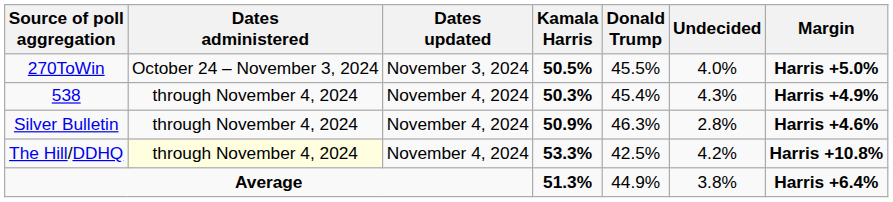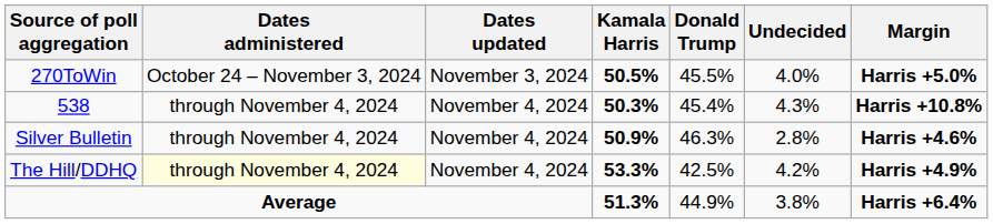 <table class="wikitable sortable" style="text-align:center;font-size:90%;line-height:17px">
 <tr>
 <th>Source of poll<br>aggregation</th>
 <th>Dates<br>administered</th>
 <th>Dates<br>updated</th>
 <th class="unsortable">Kamala<br>Harris<br><small></small></th>
 <th class="unsortable">Donald<br>Trump<br><small></small></th>
 <th>Undecided<br></th>
 <th>Margin</th>
 </tr>
 <tr>
 <td><a href='#'>270ToWin</a></td>
 <td>October 24 – November 3, 2024</td>
 <td>November 3, 2024</td>
 <td style="color:black;background-color:"><strong>50.5%</strong></td>
 <td>45.5%</td>
 <td>4.0%</td>
 <td style="color:black;background-color:"><strong>Harris +5.0%</strong></td>
 </tr>
 <tr>
 <td><a href='#'>538</a></td>
 <td>through November 4, 2024</td>
 <td>November 4, 2024</td>
 <td style="color:black;background-color:"><strong>50.3%</strong></td>
 <td>45.4%</td>
 <td>4.3%</td>
-<td style="color:black;background-color:"><strong>Harris +4.9%</strong></td>
+<td style="color:black;background-color:"><strong>Harris +10.8%</strong></td>
 </tr>
 <tr>
 <td><a href='#'>Silver Bulletin</a></td>
 <td>through November 4, 2024</td>
 <td>November 4, 2024</td>
 <td style="color:black;background-color:"><strong>50.9%</strong></td>
 <td>46.3%</td>
 <td>2.8%</td>
 <td style="color:black;background-color:"><strong>Harris +4.6%</strong></td>
 </tr>
 <tr>
 <td><a href='#'>The Hill</a>/<a href='#'>DDHQ</a></td>
 <td style="background: lightyellow;">through November 4, 2024</td>
 <td>November 4, 2024</td>
 <td style="color:black;background-color:"><strong>53.3%</strong></td>
 <td>42.5%</td>
 <td>4.2%</td>
-<td style="color:black;background-color:"><strong>Harris +10.8%</strong></td>
+<td style="color:black;background-color:"><strong>Harris +4.9%</strong></td>
 </tr>
 <tr>
 <td colspan="3"><strong>Average</strong></td>
 <td style="color:black;background-color:"><strong>51.3%</strong></td>
 <td>44.9%</td>
 <td>3.8%</td>
 <td style="color:black;background-color:"><strong>Harris +6.4%</strong></td>
 </tr>
 </table>
